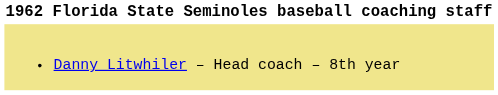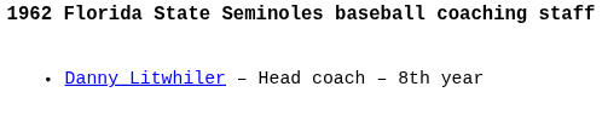 <table class="toccolours">
 <tr>
 <th colspan=9>1962 Florida State Seminoles baseball coaching staff</th>
 </tr>
 <tr>
-<td style="background: khaki; text-align: left; font-size: 95%;" valign="top"><br><ul><li><a href='#'>Danny Litwhiler</a> – Head coach – 8th year</li></ul></td>
+<td style="text-align: left; font-size: 95%;" valign="top"><br><ul><li><a href='#'>Danny Litwhiler</a> – Head coach – 8th year</li></ul></td>
 </tr>
 </table>
